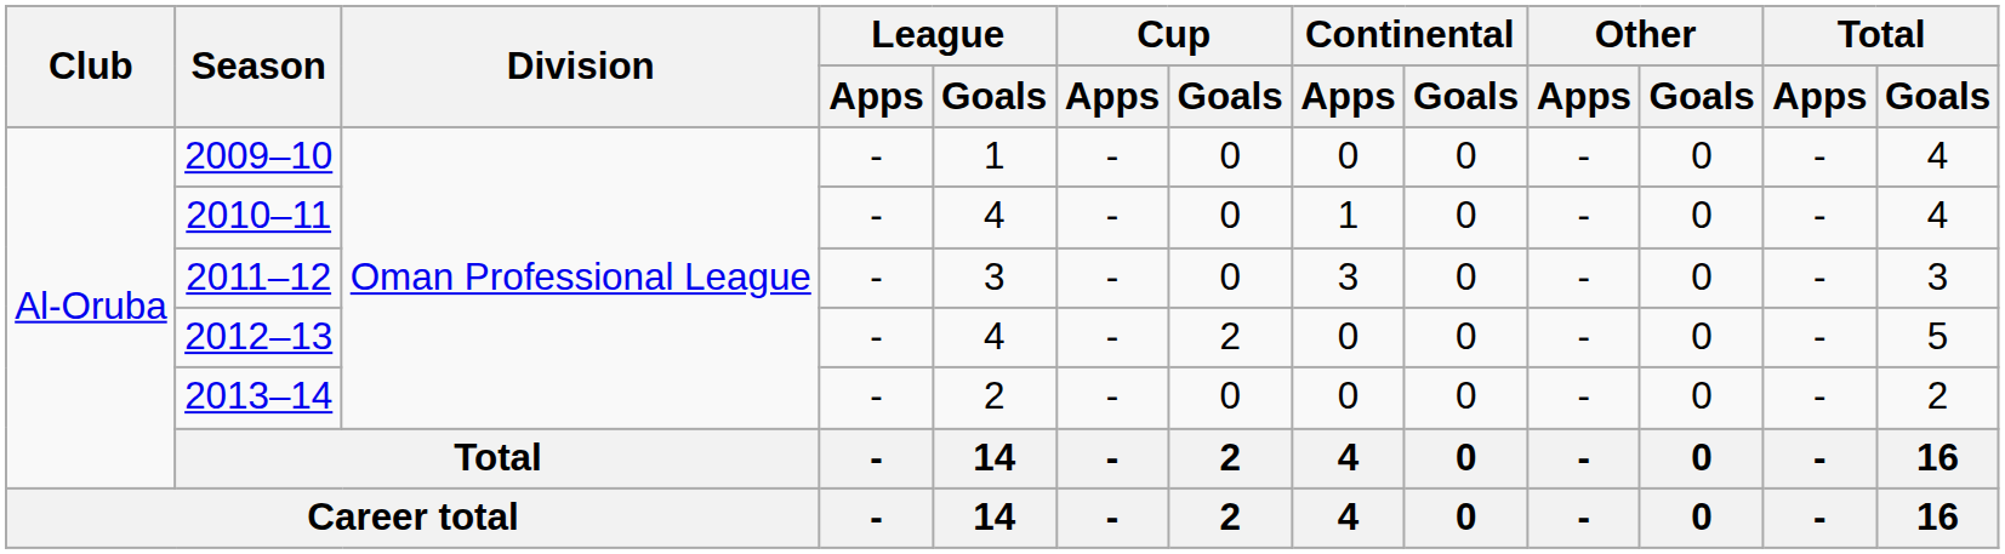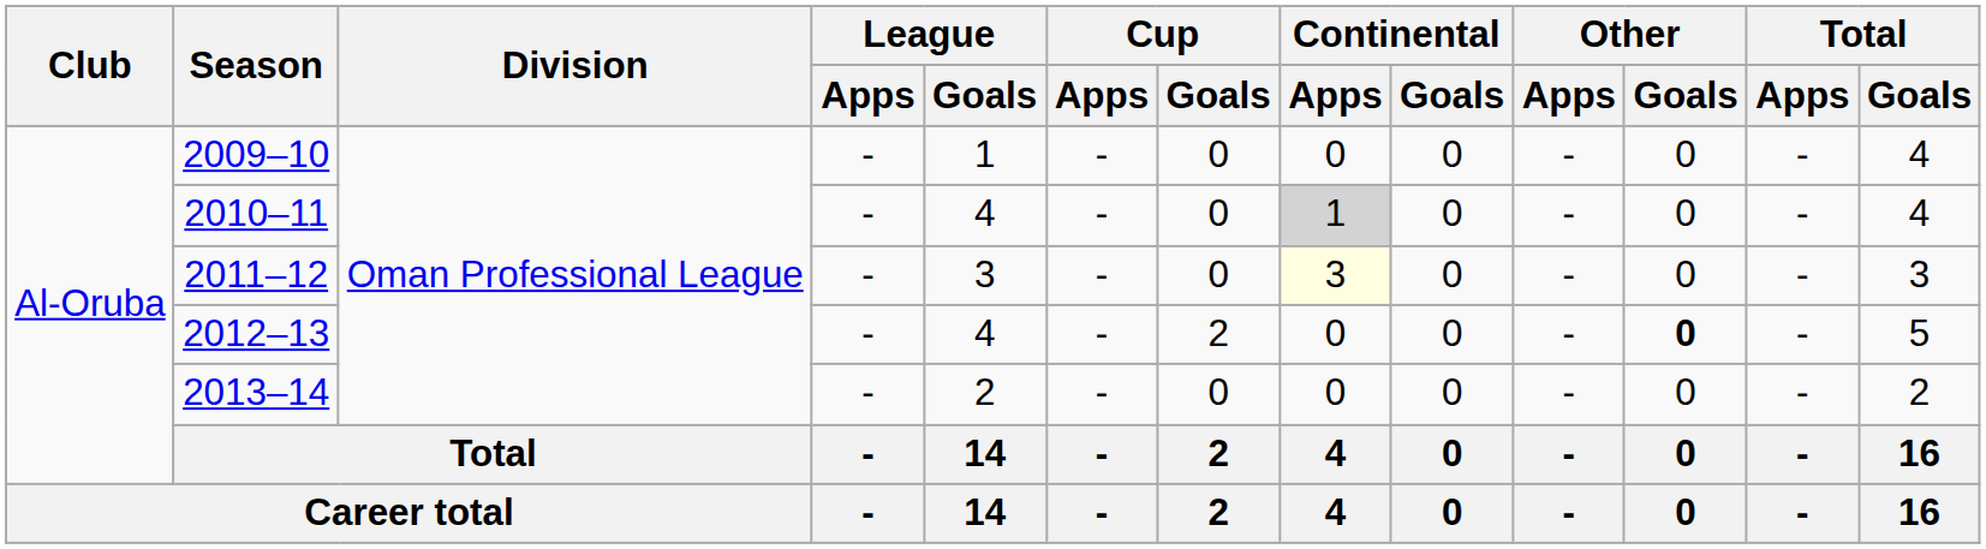 <table class="wikitable" style="text-align: center;">
 <tr>
 <th rowspan="2">Club</th>
 <th rowspan="2">Season</th>
 <th rowspan="2">Division</th>
 <th colspan="2">League</th>
 <th colspan="2">Cup</th>
 <th colspan="2">Continental</th>
 <th colspan="2">Other</th>
 <th colspan="2">Total</th>
 </tr>
 <tr>
 <th>Apps</th>
 <th>Goals</th>
 <th>Apps</th>
 <th>Goals</th>
 <th>Apps</th>
 <th>Goals</th>
 <th>Apps</th>
 <th>Goals</th>
 <th>Apps</th>
 <th>Goals</th>
 </tr>
 <tr>
 <td rowspan="6"><a href='#'>Al-Oruba</a></td>
 <td><a href='#'>2009–10</a></td>
 <td rowspan="5"><a href='#'>Oman Professional League</a></td>
 <td>-</td>
 <td>1</td>
 <td>-</td>
 <td>0</td>
 <td>0</td>
 <td>0</td>
 <td>-</td>
 <td>0</td>
 <td>-</td>
 <td>4</td>
 </tr>
 <tr>
 <td><a href='#'>2010–11</a></td>
 <td>-</td>
 <td>4</td>
 <td>-</td>
 <td>0</td>
-<td>1</td>
+<td style="background: lightgrey;">1</td>
 <td>0</td>
 <td>-</td>
 <td>0</td>
 <td>-</td>
 <td>4</td>
 </tr>
 <tr>
 <td><a href='#'>2011–12</a></td>
 <td>-</td>
 <td>3</td>
 <td>-</td>
 <td>0</td>
-<td>3</td>
+<td style="background: lightyellow;">3</td>
 <td>0</td>
 <td>-</td>
 <td>0</td>
 <td>-</td>
 <td>3</td>
 </tr>
 <tr>
 <td><a href='#'>2012–13</a></td>
 <td>-</td>
 <td>4</td>
 <td>-</td>
 <td>2</td>
 <td>0</td>
 <td>0</td>
 <td>-</td>
-<td>0</td>
+<td><strong>0</strong></td>
 <td>-</td>
 <td>5</td>
 </tr>
 <tr>
 <td><a href='#'>2013–14</a></td>
 <td>-</td>
 <td>2</td>
 <td>-</td>
 <td>0</td>
 <td>0</td>
 <td>0</td>
 <td>-</td>
 <td>0</td>
 <td>-</td>
 <td>2</td>
 </tr>
 <tr>
 <th colspan="2">Total</th>
 <th>-</th>
 <th>14</th>
 <th>-</th>
 <th>2</th>
 <th>4</th>
 <th>0</th>
 <th>-</th>
 <th>0</th>
 <th>-</th>
 <th>16</th>
 </tr>
 <tr>
 <th colspan="3">Career total</th>
 <th>-</th>
 <th>14</th>
 <th>-</th>
 <th>2</th>
 <th>4</th>
 <th>0</th>
 <th>-</th>
 <th>0</th>
 <th>-</th>
 <th>16</th>
 </tr>
 </table>
